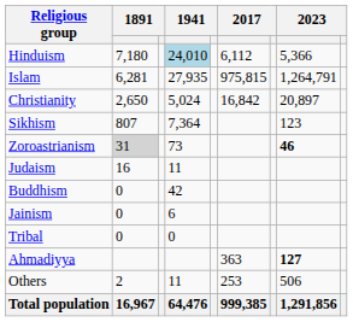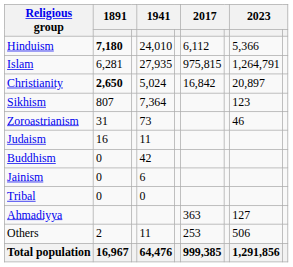 <table class="wikitable sortable">
 <tr>
 <th rowspan="2"><a href='#'>Religious</a><br>group</th>
 <th colspan="2">1891</th>
 <th colspan="2">1941</th>
 <th colspan="2">2017</th>
 <th colspan="2">2023</th>
 </tr>
 <tr>
 <th><a href='#'></a></th>
 <th></th>
 <th></th>
 <th></th>
 <th></th>
 <th></th>
 <th></th>
 <th></th>
 </tr>
 <tr>
 <td><a href='#'>Hinduism</a> </td>
-<td>7,180</td>
+<td><strong>7,180</strong></td>
 <td></td>
-<td style="background: lightblue;">24,010</td>
+<td>24,010</td>
 <td></td>
 <td>6,112</td>
 <td></td>
 <td>5,366</td>
 <td></td>
 </tr>
 <tr>
 <td><a href='#'>Islam</a> </td>
 <td>6,281</td>
 <td></td>
 <td>27,935</td>
 <td></td>
 <td>975,815</td>
 <td></td>
 <td>1,264,791</td>
 <td></td>
 </tr>
 <tr>
 <td><a href='#'>Christianity</a> </td>
-<td>2,650</td>
+<td><strong>2,650</strong></td>
 <td></td>
 <td>5,024</td>
 <td></td>
 <td>16,842</td>
 <td></td>
 <td>20,897</td>
 <td></td>
 </tr>
 <tr>
 <td><a href='#'>Sikhism</a> </td>
 <td>807</td>
 <td></td>
 <td>7,364</td>
 <td></td>
 <td></td>
 <td></td>
 <td>123</td>
 <td></td>
 </tr>
 <tr>
 <td><a href='#'>Zoroastrianism</a> </td>
-<td style="background: lightgrey;">31</td>
+<td>31</td>
 <td></td>
 <td>73</td>
 <td></td>
 <td></td>
 <td></td>
-<td><strong>46</strong></td>
+<td>46</td>
 <td></td>
 </tr>
 <tr>
 <td><a href='#'>Judaism</a> </td>
 <td>16</td>
 <td></td>
 <td>11</td>
 <td></td>
 <td></td>
 <td></td>
 <td></td>
 <td></td>
 </tr>
 <tr>
 <td><a href='#'>Buddhism</a> </td>
 <td>0</td>
 <td></td>
 <td>42</td>
 <td></td>
 <td></td>
 <td></td>
 <td></td>
 <td></td>
 </tr>
 <tr>
 <td><a href='#'>Jainism</a> </td>
 <td>0</td>
 <td></td>
 <td>6</td>
 <td></td>
 <td></td>
 <td></td>
 <td></td>
 <td></td>
 </tr>
 <tr>
 <td><a href='#'>Tribal</a></td>
 <td>0</td>
 <td></td>
 <td>0</td>
 <td></td>
 <td></td>
 <td></td>
 <td></td>
 <td></td>
 </tr>
 <tr>
 <td><a href='#'>Ahmadiyya</a> </td>
 <td></td>
 <td></td>
 <td></td>
 <td></td>
 <td>363</td>
 <td></td>
-<td><strong>127</strong></td>
+<td>127</td>
 <td></td>
 </tr>
 <tr>
 <td>Others</td>
 <td>2</td>
 <td></td>
 <td>11</td>
 <td></td>
 <td>253</td>
 <td></td>
 <td>506</td>
 <td></td>
 </tr>
 <tr>
 <th>Total population</th>
 <th>16,967</th>
 <th></th>
 <th>64,476</th>
 <th></th>
 <th>999,385</th>
 <th></th>
 <th>1,291,856</th>
 <th></th>
 </tr>
 </table>
